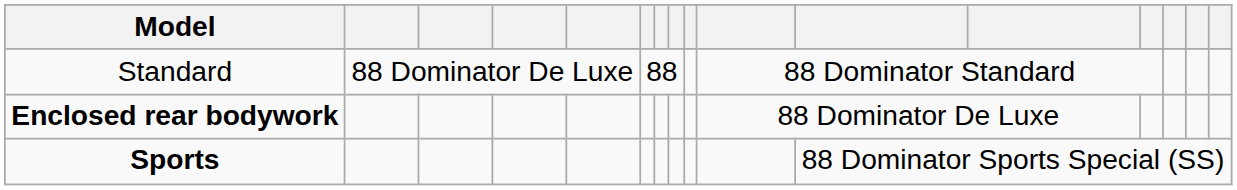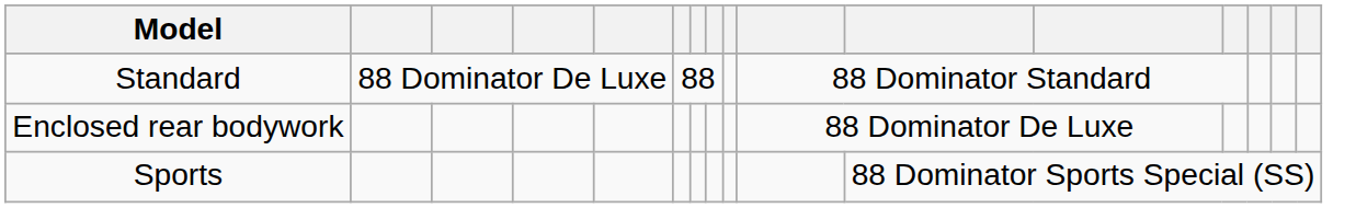 <table class="wikitable">
 <tr>
 <th>Model</th>
 <th></th>
 <th></th>
 <th></th>
 <th></th>
 <th></th>
 <th></th>
 <th></th>
 <th></th>
 <th></th>
 <th></th>
 <th></th>
 <th></th>
 <th></th>
 <th></th>
 <th></th>
 </tr>
 <tr style="text-align: center;">
 <td>Standard</td>
 <td colspan=4>88 Dominator De Luxe</td>
 <td colspan=3>88</td>
 <td></td>
 <td colspan=4>88 Dominator Standard</td>
 <td></td>
 <td></td>
 <td></td>
 </tr>
 <tr style="text-align: center;">
-<td><strong>Enclosed rear bodywork</strong></td>
+<td>Enclosed rear bodywork</td>
 <td></td>
 <td></td>
 <td></td>
 <td></td>
 <td></td>
 <td></td>
 <td></td>
 <td></td>
 <td colspan=3>88 Dominator De Luxe</td>
 <td></td>
 <td></td>
 <td></td>
 </tr>
 <tr style="text-align: center;">
-<td><strong>Sports</strong></td>
+<td>Sports</td>
 <td></td>
 <td></td>
 <td></td>
 <td></td>
 <td></td>
 <td></td>
 <td></td>
 <td></td>
 <td></td>
 <td colspan=6>88 Dominator Sports Special (SS)</td>
 </tr>
 </table>
